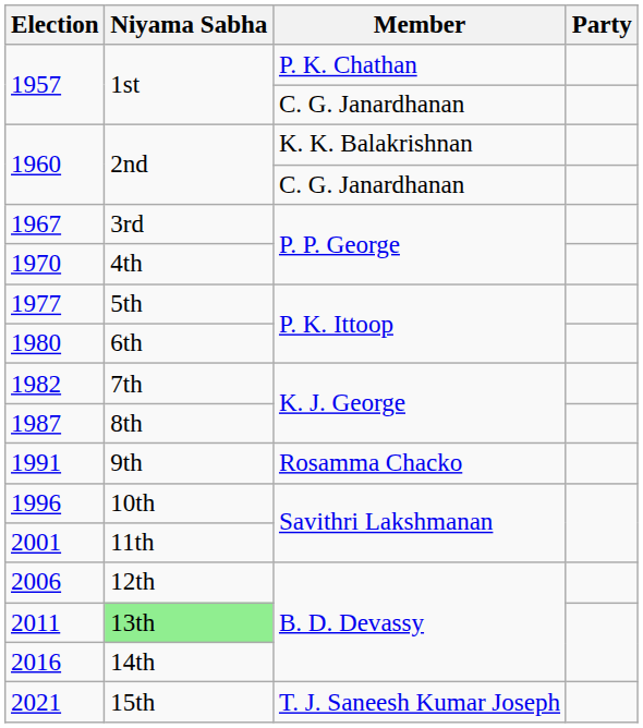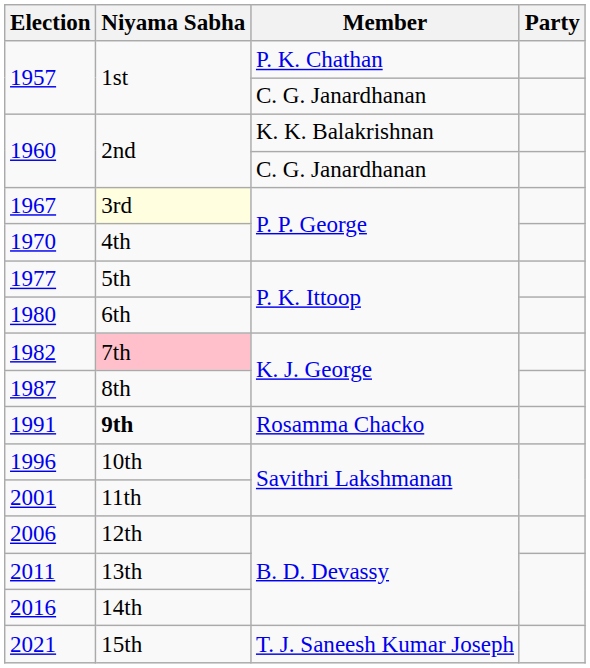 <table class="wikitable sortable">
 <tr>
 <th>Election</th>
 <th>Niyama Sabha</th>
 <th>Member</th>
 <th colspan="2">Party</th>
 </tr>
 <tr>
 <td rowspan="2"><a href='#'>1957</a></td>
 <td rowspan="2">1st</td>
 <td><a href='#'>P. K. Chathan</a></td>
 <td></td>
 </tr>
 <tr>
 <td>C. G. Janardhanan</td>
 <td></td>
 </tr>
 <tr>
 <td rowspan="2"><a href='#'>1960</a></td>
 <td rowspan="2">2nd</td>
 <td>K. K. Balakrishnan</td>
 <td></td>
 </tr>
 <tr>
 <td>C. G. Janardhanan</td>
 <td></td>
 </tr>
 <tr>
 <td><a href='#'>1967</a></td>
-<td>3rd</td>
+<td style="background: lightyellow;">3rd</td>
 <td rowspan="2"><a href='#'>P. P. George</a></td>
 <td></td>
 </tr>
 <tr>
 <td><a href='#'>1970</a></td>
 <td>4th</td>
 </tr>
 <tr>
 <td><a href='#'>1977</a></td>
 <td>5th</td>
 <td rowspan="2"><a href='#'>P. K. Ittoop</a></td>
 <td></td>
 </tr>
 <tr>
 <td><a href='#'>1980</a></td>
 <td>6th</td>
 <td></td>
 </tr>
 <tr>
 <td><a href='#'>1982</a></td>
-<td>7th</td>
+<td style="background: pink;">7th</td>
 <td rowspan="2"><a href='#'>K. J. George</a></td>
 <td></td>
 </tr>
 <tr>
 <td><a href='#'>1987</a></td>
 <td>8th</td>
 </tr>
 <tr>
 <td><a href='#'>1991</a></td>
-<td>9th</td>
+<td><strong>9th</strong></td>
 <td><a href='#'>Rosamma Chacko</a></td>
 <td></td>
 </tr>
 <tr>
 <td><a href='#'>1996</a></td>
 <td>10th</td>
 <td rowspan="2"><a href='#'>Savithri Lakshmanan</a></td>
 </tr>
 <tr>
 <td><a href='#'>2001</a></td>
 <td>11th</td>
 </tr>
 <tr>
 <td><a href='#'>2006</a></td>
 <td>12th</td>
 <td rowspan="3"><a href='#'>B. D. Devassy</a></td>
 <td></td>
 </tr>
 <tr>
 <td><a href='#'>2011</a></td>
-<td style="background: lightgreen;">13th</td>
+<td>13th</td>
 </tr>
 <tr>
 <td><a href='#'>2016</a></td>
 <td>14th</td>
 </tr>
 <tr>
 <td><a href='#'>2021</a></td>
 <td>15th</td>
 <td><a href='#'>T. J. Saneesh Kumar Joseph</a></td>
 <td></td>
 </tr>
 </table>
